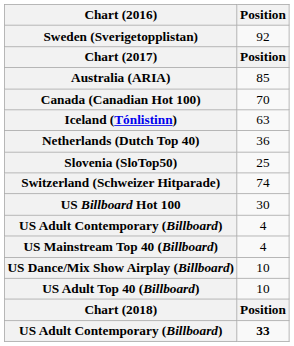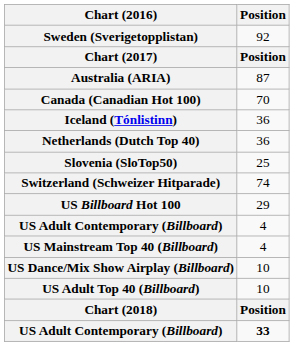 <table class="wikitable sortable plainrowheaders" style="text-align:center">
 <tr>
 <th scope="col">Chart (2016)</th>
 <th scope="col">Position</th>
 </tr>
 <tr>
 <th scope="row">Sweden (Sverigetopplistan)</th>
 <td>92</td>
 </tr>
 <tr>
 <th scope="col">Chart (2017)</th>
 <th scope="col">Position</th>
 </tr>
 <tr>
 <th scope="row">Australia (ARIA)</th>
-<td>85</td>
+<td>87</td>
 </tr>
 <tr>
 <th scope="row">Canada (Canadian Hot 100)</th>
 <td>70</td>
 </tr>
 <tr>
 <th scope="row">Iceland (<a href='#'>Tónlistinn</a>)</th>
-<td>63</td>
+<td>36</td>
 </tr>
 <tr>
 <th scope="row">Netherlands (Dutch Top 40)</th>
 <td>36</td>
 </tr>
 <tr>
 <th scope="row">Slovenia (SloTop50)</th>
 <td>25</td>
 </tr>
 <tr>
 <th scope="row">Switzerland (Schweizer Hitparade)</th>
 <td>74</td>
 </tr>
 <tr>
 <th scope="row">US <em>Billboard</em> Hot 100</th>
-<td>30</td>
+<td>29</td>
 </tr>
 <tr>
 <th scope="row">US Adult Contemporary (<em>Billboard</em>)</th>
 <td>4</td>
 </tr>
 <tr>
 <th scope="row">US Mainstream Top 40 (<em>Billboard</em>)</th>
 <td>4</td>
 </tr>
 <tr>
 <th scope="row">US Dance/Mix Show Airplay (<em>Billboard</em>)</th>
 <td>10</td>
 </tr>
 <tr>
 <th scope="row">US Adult Top 40 (<em>Billboard</em>)</th>
 <td>10</td>
 </tr>
 <tr>
 <th scope="col">Chart (2018)</th>
 <th scope="col">Position</th>
 </tr>
 <tr>
 <th scope="row">US Adult Contemporary (<em>Billboard</em>)</th>
 <td><strong>33</strong></td>
 </tr>
 </table>
